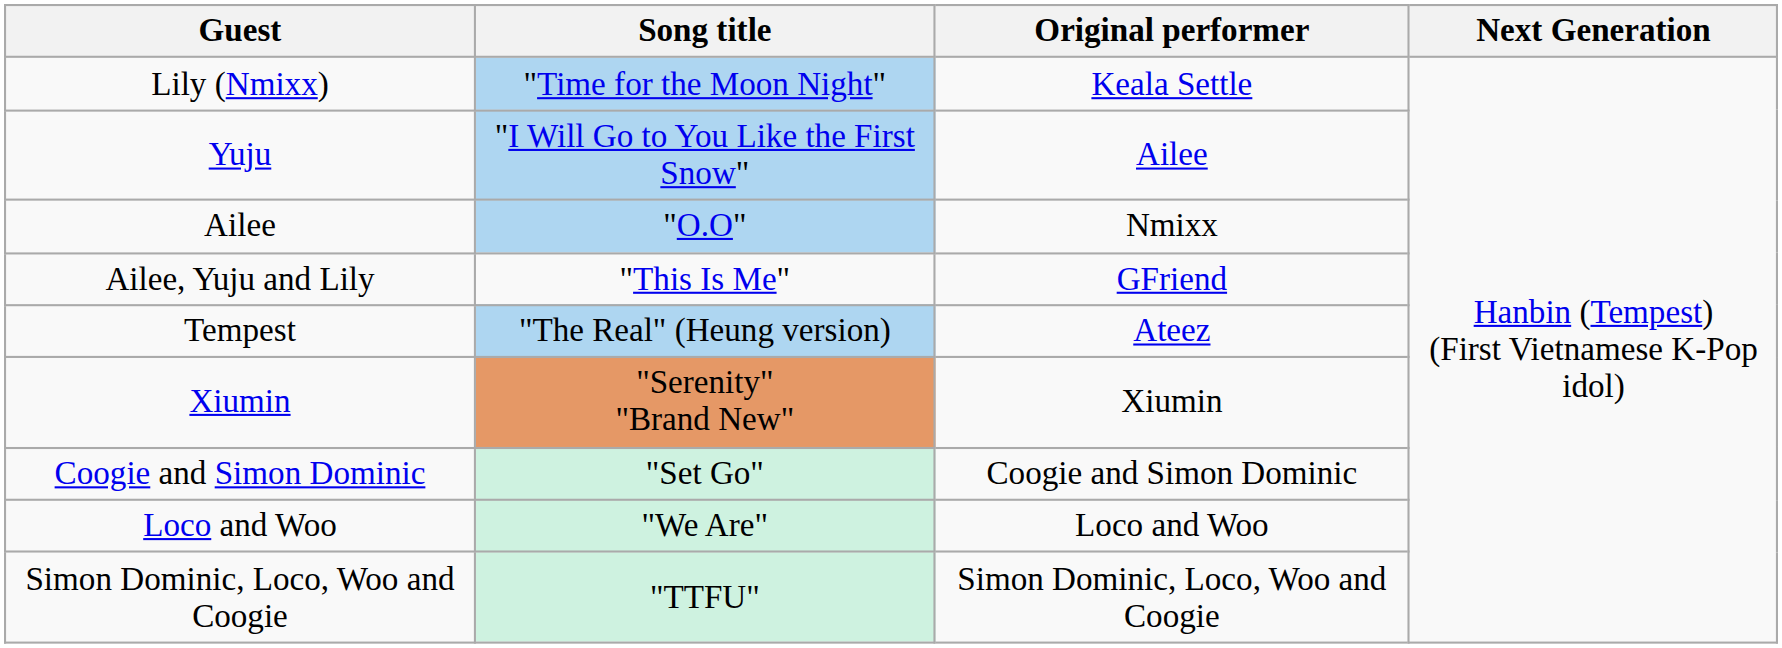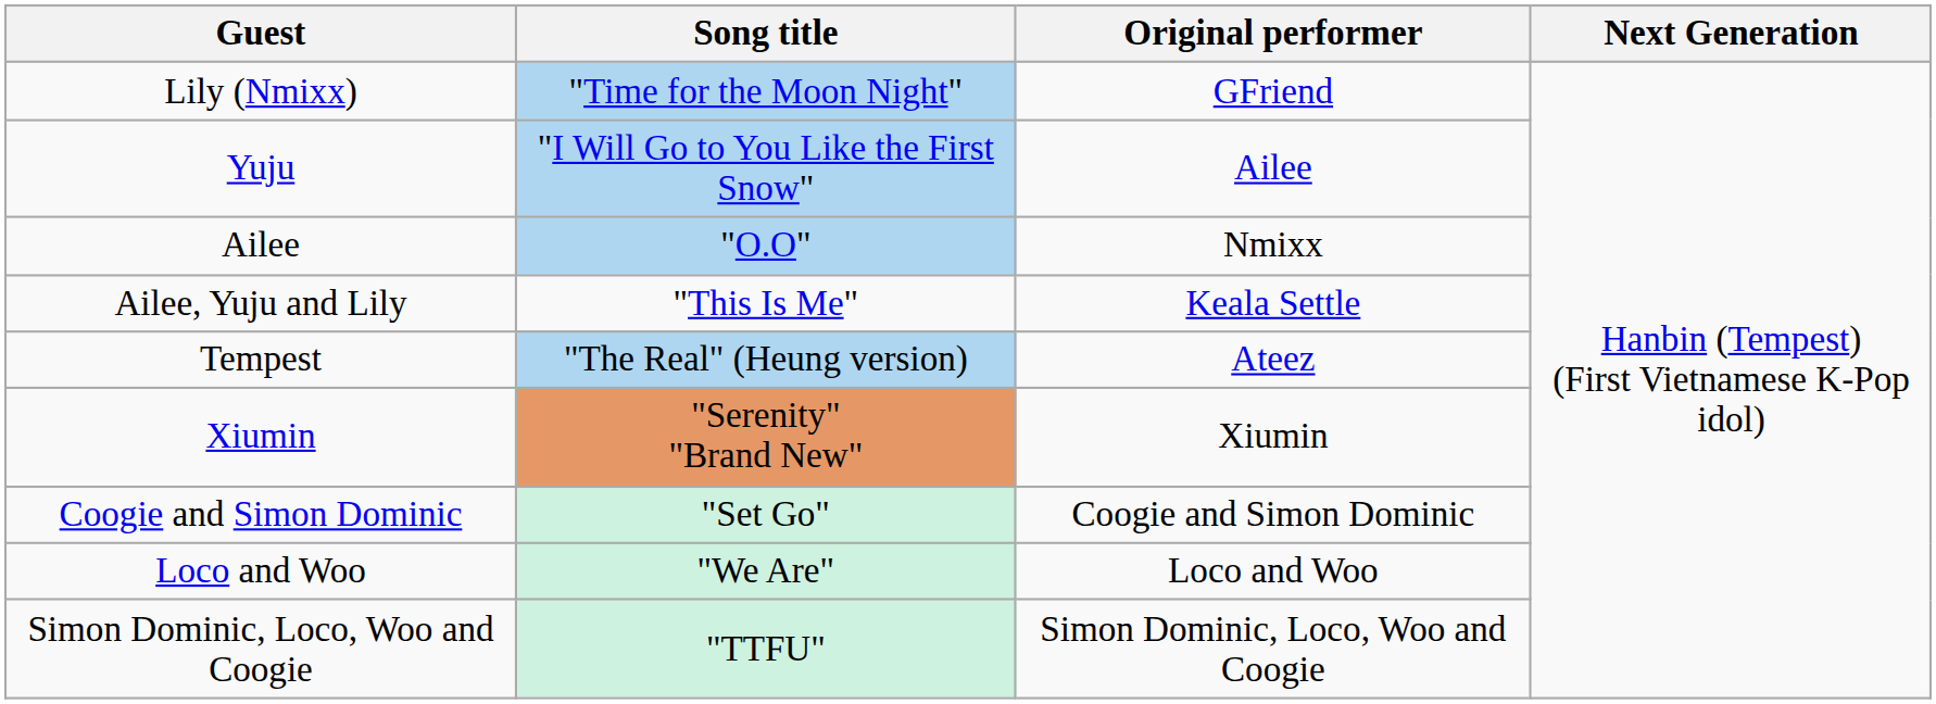 <table Class ="wikitable" style="text-align:center; clear:both; text-align:center; width:97%">
 <tr>
 <th>Guest</th>
 <th>Song title</th>
 <th>Original performer</th>
 <th>Next Generation</th>
 </tr>
 <tr>
 <td>Lily (<a href='#'>Nmixx</a>)</td>
 <td bgcolor="#aed6f1">"<a href='#'>Time for the Moon Night</a>"</td>
-<td><a href='#'>Keala Settle</a></td>
+<td><a href='#'>GFriend</a></td>
 <td rowspan="9"><a href='#'>Hanbin</a> (<a href='#'>Tempest</a>) <br> (First Vietnamese K-Pop idol)</td>
 </tr>
 <tr>
 <td><a href='#'>Yuju</a></td>
 <td bgcolor="#aed6f1">"<a href='#'>I Will Go to You Like the First Snow</a>"</td>
 <td><a href='#'>Ailee</a></td>
 </tr>
 <tr>
 <td>Ailee</td>
 <td bgcolor="#aed6f1">"<a href='#'>O.O</a>"</td>
 <td>Nmixx</td>
 </tr>
 <tr>
 <td>Ailee, Yuju and Lily</td>
 <td>"<a href='#'>This Is Me</a>"</td>
-<td><a href='#'>GFriend</a></td>
+<td><a href='#'>Keala Settle</a></td>
 </tr>
 <tr>
 <td>Tempest</td>
 <td bgcolor="#aed6f1">"The Real" (Heung version)</td>
 <td><a href='#'>Ateez</a></td>
 </tr>
 <tr>
 <td><a href='#'>Xiumin</a></td>
 <td bgcolor="#E59866">"Serenity"<br>"Brand New"</td>
 <td>Xiumin</td>
 </tr>
 <tr>
 <td><a href='#'>Coogie</a> and <a href='#'>Simon Dominic</a></td>
 <td bgcolor="#CEF2E0">"Set Go"</td>
 <td>Coogie and Simon Dominic</td>
 </tr>
 <tr>
 <td><a href='#'>Loco</a> and Woo</td>
 <td bgcolor="#CEF2E0">"We Are"</td>
 <td>Loco and Woo</td>
 </tr>
 <tr>
 <td>Simon Dominic, Loco, Woo and Coogie</td>
 <td bgcolor="#CEF2E0">"TTFU"</td>
 <td>Simon Dominic, Loco, Woo and Coogie</td>
 </tr>
 </table>
